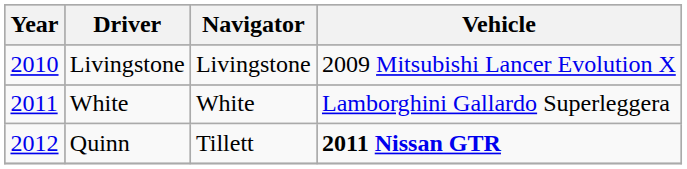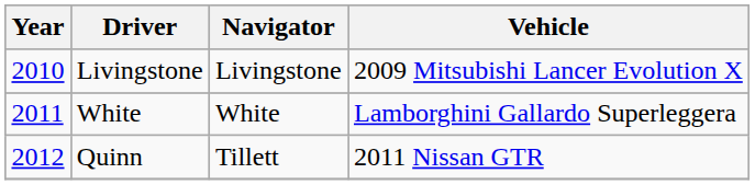 <table class="wikitable sortable" style="font-size: 90%;">
 <tr>
 <th>Year</th>
 <th>Driver</th>
 <th>Navigator</th>
 <th>Vehicle</th>
 </tr>
 <tr>
 <td><a href='#'>2010</a></td>
 <td>Livingstone</td>
 <td>Livingstone</td>
 <td>2009 <a href='#'>Mitsubishi Lancer Evolution X</a></td>
 </tr>
 <tr>
 <td><a href='#'>2011</a></td>
 <td> White</td>
 <td>White</td>
 <td><a href='#'>Lamborghini Gallardo</a> Superleggera</td>
 </tr>
 <tr>
 <td><a href='#'>2012</a></td>
 <td> Quinn</td>
 <td>Tillett</td>
-<td><strong>2011 <a href='#'>Nissan GTR</a></strong></td>
+<td>2011 <a href='#'>Nissan GTR</a></td>
 </tr>
 <tr>
 </tr>
 </table>
